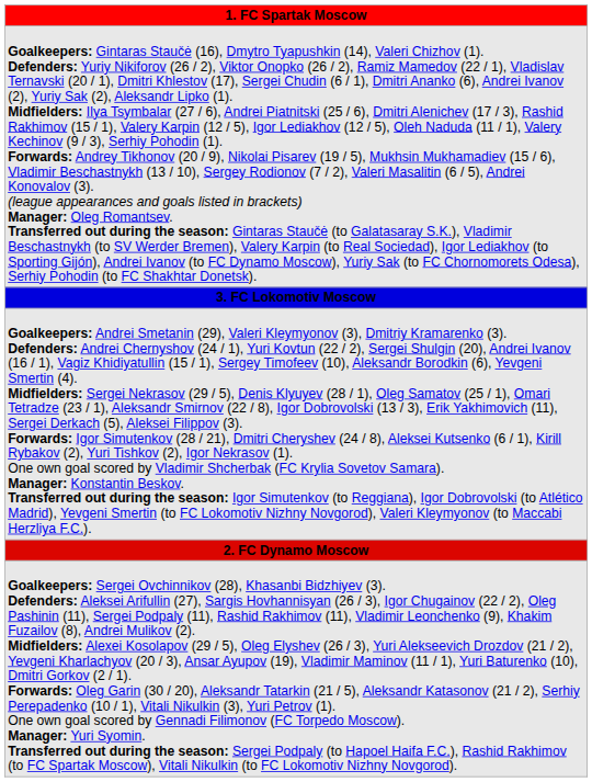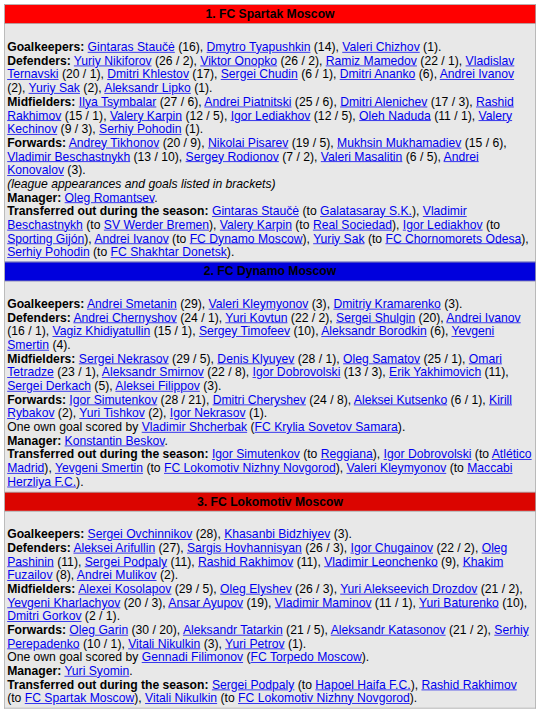 <table class="wikitable" Width="700">
 <tr bgcolor="#FF0000">
 <td align="center" width="700"><span> <strong>1. FC Spartak Moscow</strong> </span></td>
 </tr>
 <tr bgcolor="#E8E8E8">
 <td align="left" width="700"><br><strong>Goalkeepers:</strong> <a href='#'>Gintaras Staučė</a>  (16), <a href='#'>Dmytro Tyapushkin</a>  (14), <a href='#'>Valeri Chizhov</a> (1).<br> <strong>Defenders:</strong> <a href='#'>Yuriy Nikiforov</a> (26 / 2), <a href='#'>Viktor Onopko</a> (26 / 2), <a href='#'>Ramiz Mamedov</a> (22 / 1), <a href='#'>Vladislav Ternavski</a> (20 / 1), <a href='#'>Dmitri Khlestov</a> (17), <a href='#'>Sergei Chudin</a> (6 / 1), <a href='#'>Dmitri Ananko</a> (6), <a href='#'>Andrei Ivanov</a> (2), <a href='#'>Yuriy Sak</a>  (2), <a href='#'>Aleksandr Lipko</a> (1).<br> <strong>Midfielders:</strong> <a href='#'>Ilya Tsymbalar</a> (27 / 6), <a href='#'>Andrei Piatnitski</a> (25 / 6), <a href='#'>Dmitri Alenichev</a> (17 / 3), <a href='#'>Rashid Rakhimov</a> (15 / 1), <a href='#'>Valery Karpin</a> (12 / 5), <a href='#'>Igor Lediakhov</a> (12 / 5), <a href='#'>Oleh Naduda</a>  (11 / 1), <a href='#'>Valery Kechinov</a> (9 / 3), <a href='#'>Serhiy Pohodin</a>  (1).<br> <strong>Forwards:</strong> <a href='#'>Andrey Tikhonov</a> (20 / 9), <a href='#'>Nikolai Pisarev</a> (19 / 5), <a href='#'>Mukhsin Mukhamadiev</a> (15 / 6), <a href='#'>Vladimir Beschastnykh</a> (13 / 10), <a href='#'>Sergey Rodionov</a> (7 / 2), <a href='#'>Valeri Masalitin</a> (6 / 5), <a href='#'>Andrei Konovalov</a> (3).<br><em>(league appearances and goals listed in brackets)</em><br><strong>Manager:</strong> <a href='#'>Oleg Romantsev</a>.<br><strong>Transferred out during the season:</strong> <a href='#'>Gintaras Staučė</a>  (to  <a href='#'>Galatasaray S.K.</a>), <a href='#'>Vladimir Beschastnykh</a> (to  <a href='#'>SV Werder Bremen</a>), <a href='#'>Valery Karpin</a> (to  <a href='#'>Real Sociedad</a>), <a href='#'>Igor Lediakhov</a> (to  <a href='#'>Sporting Gijón</a>), <a href='#'>Andrei Ivanov</a> (to <a href='#'>FC Dynamo Moscow</a>), <a href='#'>Yuriy Sak</a>  (to  <a href='#'>FC Chornomorets Odesa</a>), <a href='#'>Serhiy Pohodin</a>  (to  <a href='#'>FC Shakhtar Donetsk</a>).</td>
 </tr>
 <tr bgcolor="#0000DD">
-<td align="center" width="700"><span> <strong>3. FC Lokomotiv Moscow</strong> </span></td>
+<td align="center" width="700"><span> <strong>2. FC Dynamo Moscow</strong> </span></td>
 </tr>
 <tr bgcolor="#E8E8E8">
 <td align="left" width="700"><br><strong>Goalkeepers:</strong> <a href='#'>Andrei Smetanin</a> (29), <a href='#'>Valeri Kleymyonov</a> (3), <a href='#'>Dmitriy Kramarenko</a>  (3).<br> <strong>Defenders:</strong> <a href='#'>Andrei Chernyshov</a> (24 / 1), <a href='#'>Yuri Kovtun</a> (22 / 2), <a href='#'>Sergei Shulgin</a> (20), <a href='#'>Andrei Ivanov</a> (16 / 1), <a href='#'>Vagiz Khidiyatullin</a> (15 / 1), <a href='#'>Sergey Timofeev</a>  (10), <a href='#'>Aleksandr Borodkin</a> (6), <a href='#'>Yevgeni Smertin</a> (4).<br> <strong>Midfielders:</strong> <a href='#'>Sergei Nekrasov</a> (29 / 5), <a href='#'>Denis Klyuyev</a> (28 / 1), <a href='#'>Oleg Samatov</a> (25 / 1), <a href='#'>Omari Tetradze</a> (23 / 1), <a href='#'>Aleksandr Smirnov</a> (22 / 8), <a href='#'>Igor Dobrovolski</a> (13 / 3), <a href='#'>Erik Yakhimovich</a>  (11), <a href='#'>Sergei Derkach</a> (5), <a href='#'>Aleksei Filippov</a> (3).<br> <strong>Forwards:</strong> <a href='#'>Igor Simutenkov</a> (28 / 21), <a href='#'>Dmitri Cheryshev</a> (24 / 8), <a href='#'>Aleksei Kutsenko</a> (6 / 1), <a href='#'>Kirill Rybakov</a> (2), <a href='#'>Yuri Tishkov</a> (2), <a href='#'>Igor Nekrasov</a> (1).<br>One own goal scored by <a href='#'>Vladimir Shcherbak</a> (<a href='#'>FC Krylia Sovetov Samara</a>).<br><strong>Manager:</strong> <a href='#'>Konstantin Beskov</a>.<br><strong>Transferred out during the season:</strong> <a href='#'>Igor Simutenkov</a> (to  <a href='#'>Reggiana</a>), <a href='#'>Igor Dobrovolski</a> (to  <a href='#'>Atlético Madrid</a>), <a href='#'>Yevgeni Smertin</a> (to <a href='#'>FC Lokomotiv Nizhny Novgorod</a>), <a href='#'>Valeri Kleymyonov</a> (to  <a href='#'>Maccabi Herzliya F.C.</a>).</td>
 </tr>
 <tr bgcolor="#DB0500">
-<td align="center" width="700"><span> <strong>2. FC Dynamo Moscow</strong> </span></td>
+<td align="center" width="700"><span> <strong>3. FC Lokomotiv Moscow</strong> </span></td>
 </tr>
 <tr bgcolor="#E8E8E8">
 <td align="left" width="700"><br><strong>Goalkeepers:</strong> <a href='#'>Sergei Ovchinnikov</a> (28), <a href='#'>Khasanbi Bidzhiyev</a> (3).<br> <strong>Defenders:</strong> <a href='#'>Aleksei Arifullin</a> (27), <a href='#'>Sargis Hovhannisyan</a>  (26 / 3), <a href='#'>Igor Chugainov</a> (22 / 2), <a href='#'>Oleg Pashinin</a>  (11), <a href='#'>Sergei Podpaly</a> (11), <a href='#'>Rashid Rakhimov</a> (11), <a href='#'>Vladimir Leonchenko</a> (9), <a href='#'>Khakim Fuzailov</a>  (8), <a href='#'>Andrei Mulikov</a> (2).<br> <strong>Midfielders:</strong> <a href='#'>Alexei Kosolapov</a> (29 / 5), <a href='#'>Oleg Elyshev</a> (26 / 3), <a href='#'>Yuri Alekseevich Drozdov</a> (21 / 2), <a href='#'>Yevgeni Kharlachyov</a> (20 / 3), <a href='#'>Ansar Ayupov</a> (19), <a href='#'>Vladimir Maminov</a>  (11 / 1), <a href='#'>Yuri Baturenko</a>  (10), <a href='#'>Dmitri Gorkov</a> (2 / 1).<br> <strong>Forwards:</strong> <a href='#'>Oleg Garin</a> (30 / 20), <a href='#'>Aleksandr Tatarkin</a> (21 / 5), <a href='#'>Aleksandr Katasonov</a> (21 / 2), <a href='#'>Serhiy Perepadenko</a>  (10 / 1), <a href='#'>Vitali Nikulkin</a> (3), <a href='#'>Yuri Petrov</a> (1).<br>One own goal scored by <a href='#'>Gennadi Filimonov</a> (<a href='#'>FC Torpedo Moscow</a>).<br><strong>Manager:</strong> <a href='#'>Yuri Syomin</a>.<br><strong>Transferred out during the season:</strong> <a href='#'>Sergei Podpaly</a> (to  <a href='#'>Hapoel Haifa F.C.</a>), <a href='#'>Rashid Rakhimov</a> (to <a href='#'>FC Spartak Moscow</a>), <a href='#'>Vitali Nikulkin</a> (to <a href='#'>FC Lokomotiv Nizhny Novgorod</a>).</td>
 </tr>
 </table>
